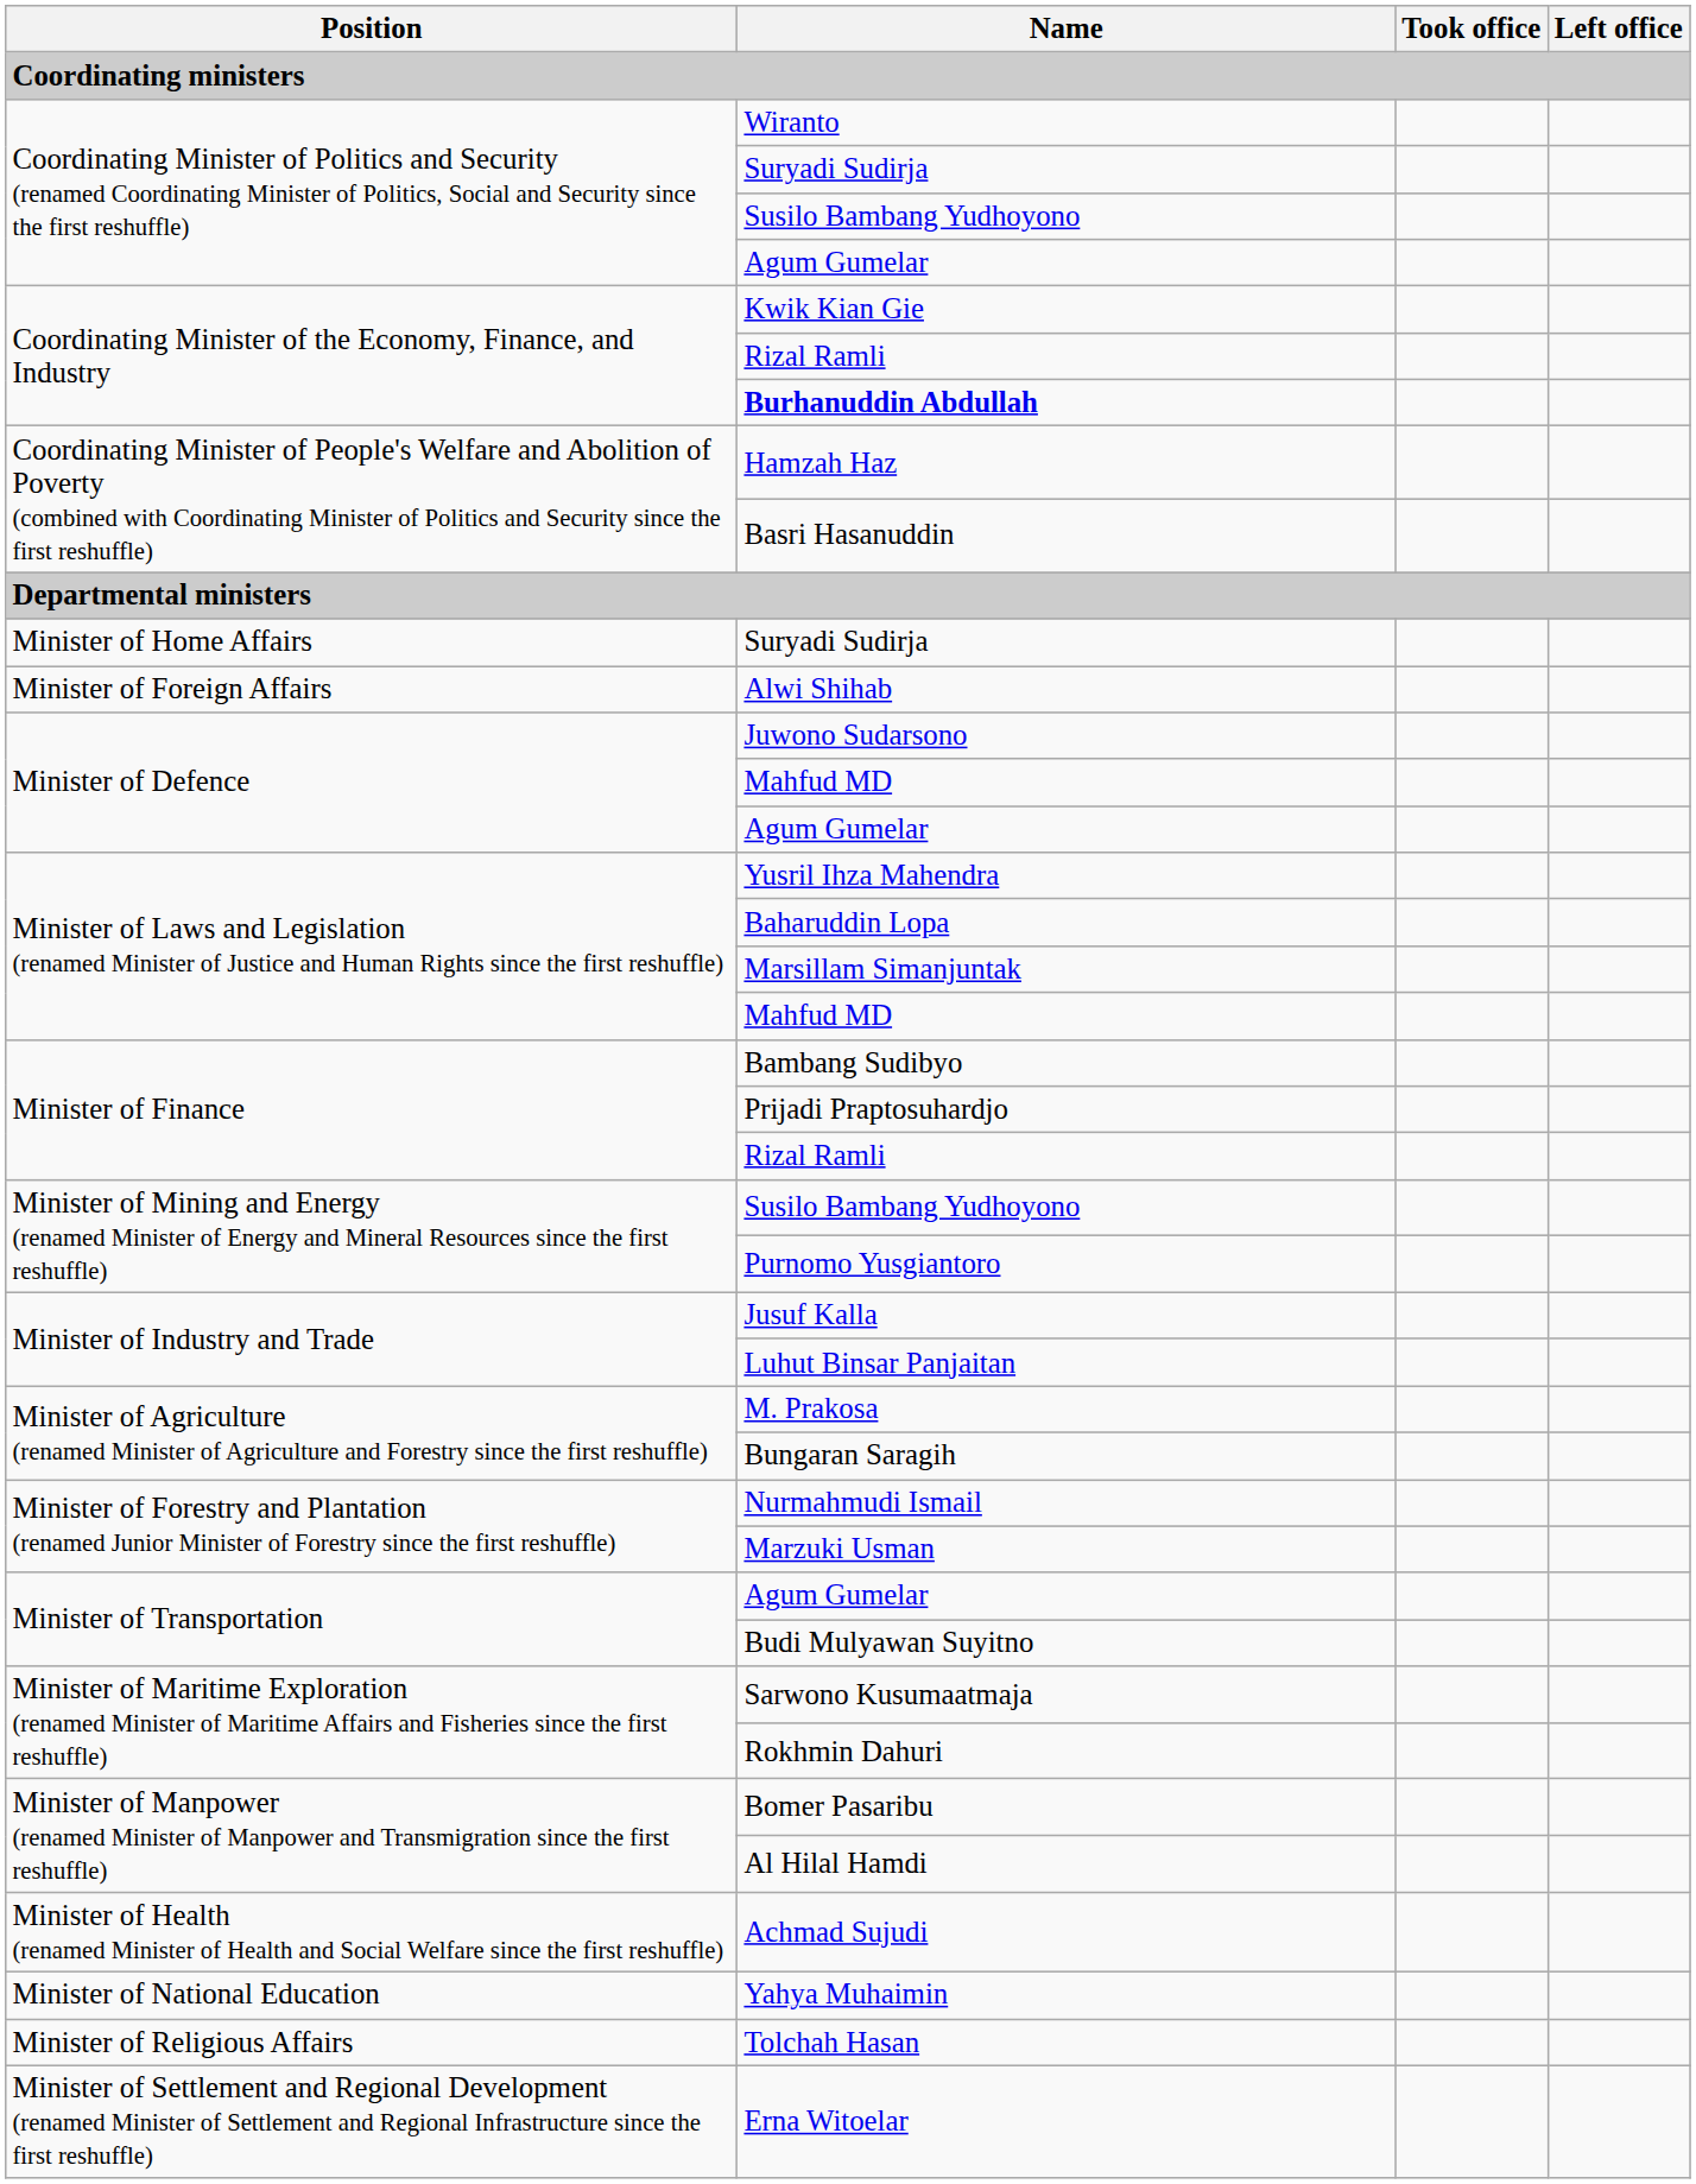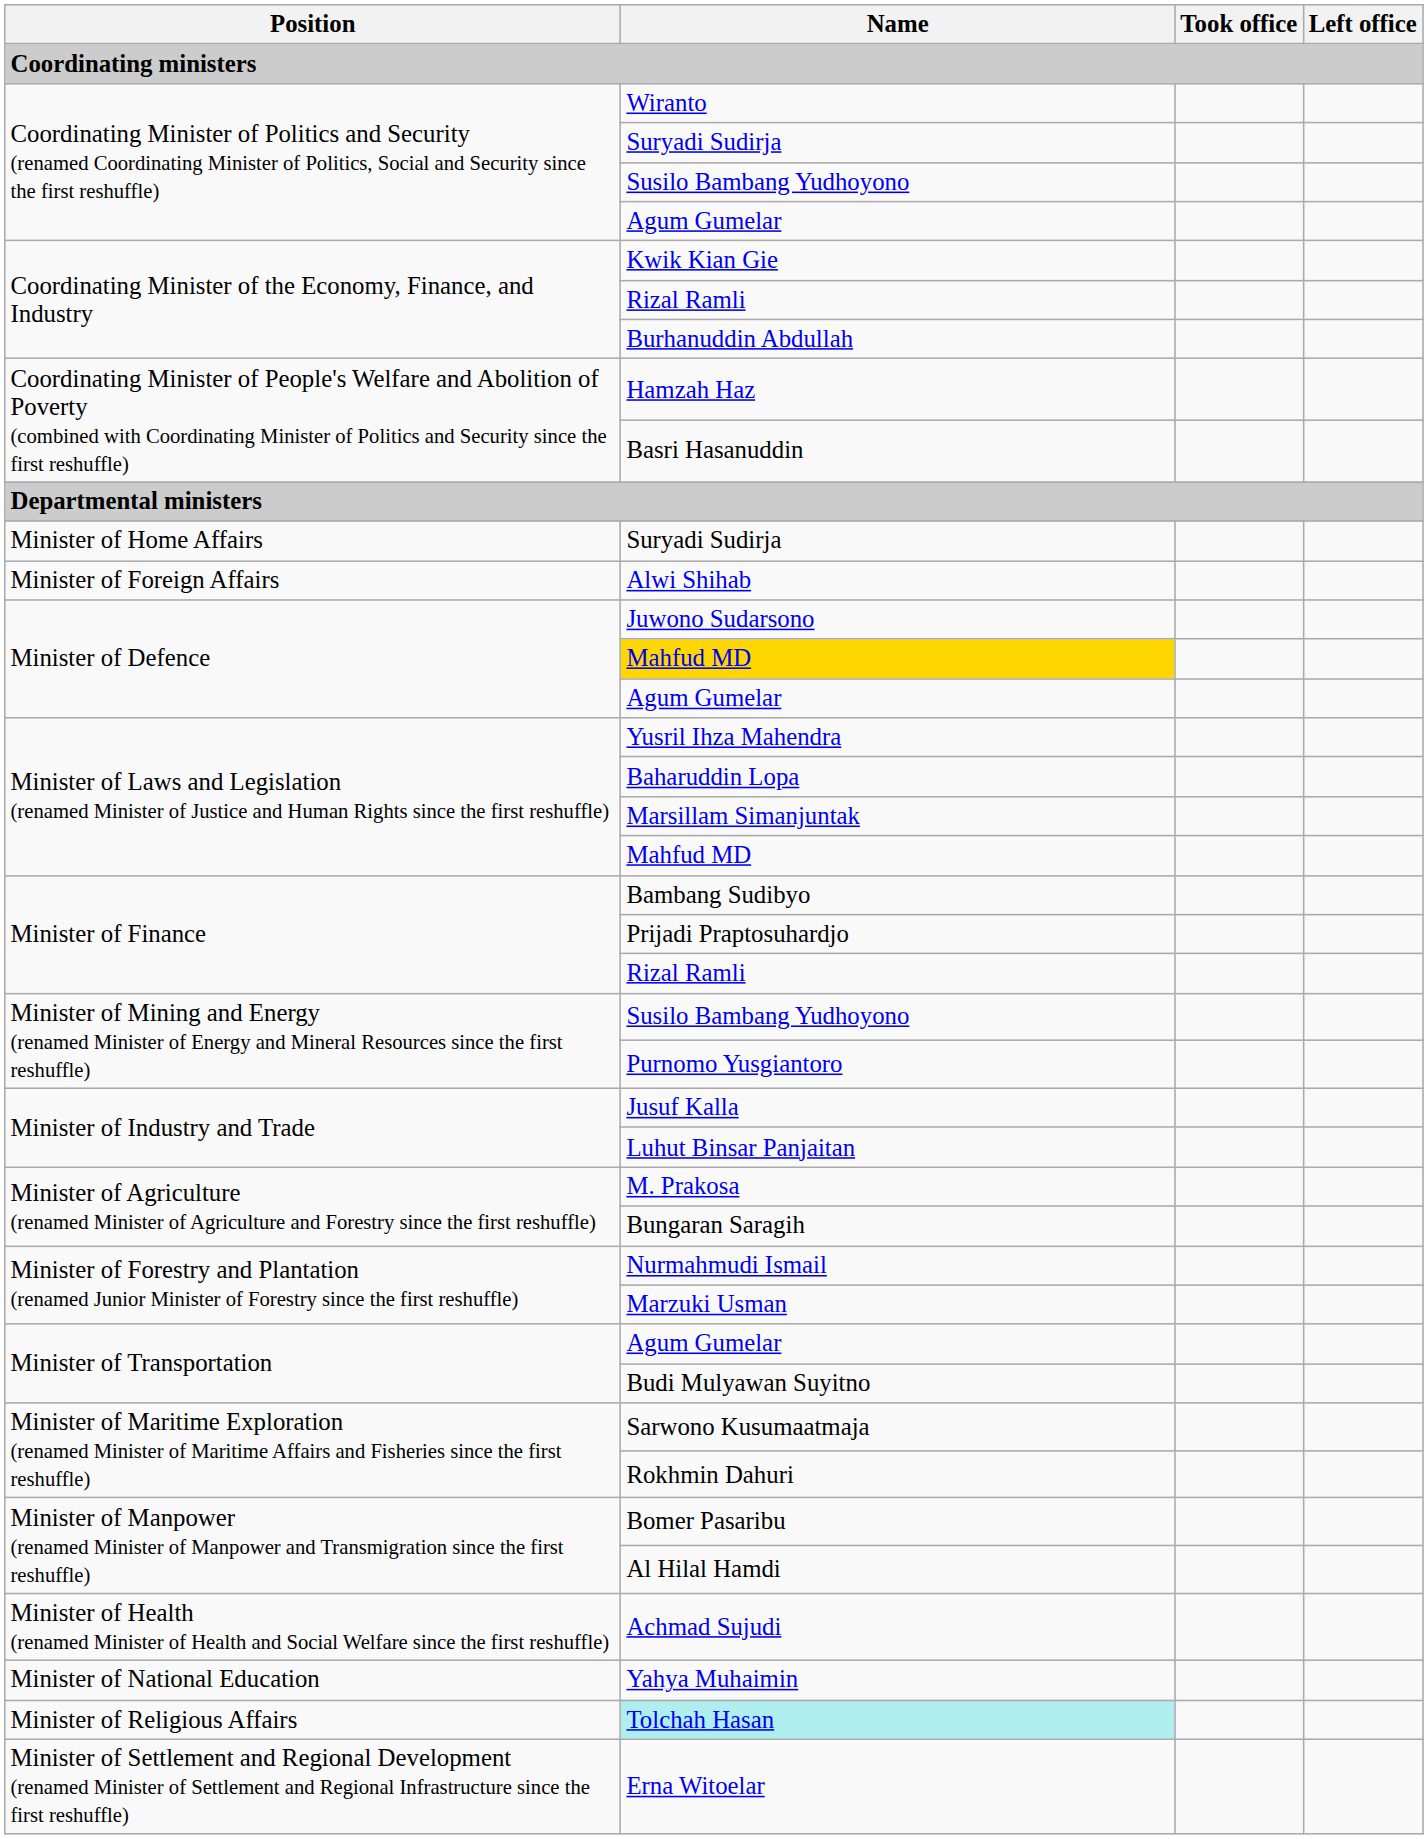 <table class="wikitable">
 <tr>
 <th width=390>Position</th>
 <th width=350>Name</th>
 <th>Took office</th>
 <th>Left office</th>
 </tr>
 <tr>
 <td style="background:#cccccc;" colspan="5"><strong>Coordinating ministers</strong></td>
 </tr>
 <tr>
 <td rowspan=4>Coordinating Minister of Politics and Security<br><small>(renamed Coordinating Minister of Politics, Social and Security since the first reshuffle)</small></td>
 <td><a href='#'>Wiranto</a></td>
 <td></td>
 <td></td>
 </tr>
 <tr>
 <td><a href='#'>Suryadi Sudirja</a></td>
 <td></td>
 <td></td>
 </tr>
 <tr>
 <td><a href='#'>Susilo Bambang Yudhoyono</a></td>
 <td></td>
 <td></td>
 </tr>
 <tr>
 <td><a href='#'>Agum Gumelar</a></td>
 <td></td>
 <td></td>
 </tr>
 <tr>
 <td rowspan=3>Coordinating Minister of the Economy, Finance, and Industry</td>
 <td><a href='#'>Kwik Kian Gie</a></td>
 <td></td>
 <td></td>
 </tr>
 <tr>
 <td><a href='#'>Rizal Ramli</a></td>
 <td></td>
 <td></td>
 </tr>
 <tr>
-<td><strong><a href='#'>Burhanuddin Abdullah</a></strong></td>
+<td><a href='#'>Burhanuddin Abdullah</a></td>
 <td></td>
 <td></td>
 </tr>
 <tr>
 <td rowspan=2>Coordinating Minister of People's Welfare and Abolition of Poverty<br><small>(combined with Coordinating Minister of Politics and Security since the first reshuffle)</small></td>
 <td><a href='#'>Hamzah Haz</a></td>
 <td></td>
 <td></td>
 </tr>
 <tr>
 <td>Basri Hasanuddin</td>
 <td></td>
 <td></td>
 </tr>
 <tr>
 <td style="background:#cccccc;" colspan="5"><strong>Departmental ministers</strong></td>
 </tr>
 <tr>
 <td>Minister of Home Affairs</td>
 <td>Suryadi Sudirja</td>
 <td></td>
 <td></td>
 </tr>
 <tr>
 <td>Minister of Foreign Affairs</td>
 <td><a href='#'>Alwi Shihab</a></td>
 <td></td>
 <td></td>
 </tr>
 <tr>
 <td rowspan=3>Minister of Defence</td>
 <td><a href='#'>Juwono Sudarsono</a></td>
 <td></td>
 <td></td>
 </tr>
 <tr>
-<td><a href='#'>Mahfud MD</a></td>
+<td style="background: gold;"><a href='#'>Mahfud MD</a></td>
 <td></td>
 <td></td>
 </tr>
 <tr>
 <td><a href='#'>Agum Gumelar</a></td>
 <td></td>
 <td></td>
 </tr>
 <tr>
 <td rowspan=4>Minister of Laws and Legislation<br><small>(renamed Minister of Justice and Human Rights since the first reshuffle)</small></td>
 <td><a href='#'>Yusril Ihza Mahendra</a></td>
 <td></td>
 <td></td>
 </tr>
 <tr>
 <td><a href='#'>Baharuddin Lopa</a></td>
 <td></td>
 <td></td>
 </tr>
 <tr>
 <td><a href='#'>Marsillam Simanjuntak</a></td>
 <td></td>
 <td></td>
 </tr>
 <tr>
 <td><a href='#'>Mahfud MD</a></td>
 <td></td>
 <td></td>
 </tr>
 <tr>
 <td rowspan=3>Minister of Finance</td>
 <td>Bambang Sudibyo</td>
 <td></td>
 <td></td>
 </tr>
 <tr>
 <td>Prijadi Praptosuhardjo</td>
 <td></td>
 <td></td>
 </tr>
 <tr>
 <td><a href='#'>Rizal Ramli</a></td>
 <td></td>
 <td></td>
 </tr>
 <tr>
 <td rowspan=2>Minister of Mining and Energy<br><small>(renamed Minister of Energy and Mineral Resources since the first reshuffle)</small></td>
 <td><a href='#'>Susilo Bambang Yudhoyono</a></td>
 <td></td>
 <td></td>
 </tr>
 <tr>
 <td><a href='#'>Purnomo Yusgiantoro</a></td>
 <td></td>
 <td></td>
 </tr>
 <tr>
 <td rowspan=2>Minister of Industry and Trade</td>
 <td><a href='#'>Jusuf Kalla</a></td>
 <td></td>
 <td></td>
 </tr>
 <tr>
 <td><a href='#'>Luhut Binsar Panjaitan</a></td>
 <td></td>
 <td></td>
 </tr>
 <tr>
 <td rowspan=2>Minister of Agriculture<br><small>(renamed Minister of Agriculture and Forestry since the first reshuffle)</small></td>
 <td><a href='#'>M. Prakosa</a></td>
 <td></td>
 <td></td>
 </tr>
 <tr>
 <td>Bungaran Saragih</td>
 <td></td>
 <td></td>
 </tr>
 <tr>
 <td rowspan=2>Minister of Forestry and Plantation<br><small>(renamed Junior Minister of Forestry since the first reshuffle)</small></td>
 <td><a href='#'>Nurmahmudi Ismail</a></td>
 <td></td>
 <td></td>
 </tr>
 <tr>
 <td><a href='#'>Marzuki Usman</a></td>
 <td></td>
 <td></td>
 </tr>
 <tr>
 <td rowspan=2>Minister of Transportation</td>
 <td><a href='#'>Agum Gumelar</a></td>
 <td></td>
 <td></td>
 </tr>
 <tr>
 <td>Budi Mulyawan Suyitno</td>
 <td></td>
 <td></td>
 </tr>
 <tr>
 <td rowspan=2>Minister of Maritime Exploration<br><small>(renamed Minister of Maritime Affairs and Fisheries since the first reshuffle)</small></td>
 <td>Sarwono Kusumaatmaja</td>
 <td></td>
 <td></td>
 </tr>
 <tr>
 <td>Rokhmin Dahuri</td>
 <td></td>
 <td></td>
 </tr>
 <tr>
 <td rowspan=2>Minister of Manpower<br><small>(renamed Minister of Manpower and Transmigration since the first reshuffle)</small></td>
 <td>Bomer Pasaribu</td>
 <td></td>
 <td></td>
 </tr>
 <tr>
 <td>Al Hilal Hamdi</td>
 <td></td>
 <td></td>
 </tr>
 <tr>
 <td>Minister of Health<br><small>(renamed Minister of Health and Social Welfare since the first reshuffle)</small></td>
 <td><a href='#'>Achmad Sujudi</a></td>
 <td></td>
 <td></td>
 </tr>
 <tr>
 <td>Minister of National Education</td>
 <td><a href='#'>Yahya Muhaimin</a></td>
 <td></td>
 <td></td>
 </tr>
 <tr>
 <td>Minister of Religious Affairs</td>
-<td><a href='#'>Tolchah Hasan</a></td>
+<td style="background: paleturquoise;"><a href='#'>Tolchah Hasan</a></td>
 <td></td>
 <td></td>
 </tr>
 <tr>
 <td>Minister of Settlement and Regional Development<br><small>(renamed Minister of Settlement and Regional Infrastructure since the first reshuffle)</small></td>
 <td><a href='#'>Erna Witoelar</a></td>
 <td></td>
 <td></td>
 </tr>
 </table>
